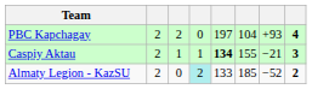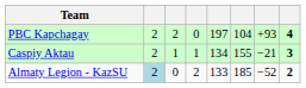 <table class="wikitable" style="text-align:center;">
 <tr>
 <th width=175>Team</th>
 <th width=20></th>
 <th width=20></th>
 <th width=20></th>
 <th width=20></th>
 <th width=20></th>
 <th width=20></th>
 <th width=20></th>
 </tr>
 <tr bgcolor=ccffcc>
 <td align="left"><a href='#'>PBC Kapchagay</a></td>
 <td>2</td>
 <td>2</td>
 <td>0</td>
 <td>197</td>
 <td>104</td>
 <td>+93</td>
 <td><strong>4</strong></td>
 </tr>
 <tr bgcolor=ccffcc>
 <td align="left"><a href='#'>Caspiy Aktau</a></td>
 <td>2</td>
 <td>1</td>
 <td>1</td>
-<td><strong>134</strong></td>
+<td>134</td>
 <td>155</td>
 <td>−21</td>
 <td><strong>3</strong></td>
 </tr>
 <tr>
 <td align="left"><a href='#'>Almaty Legion - KazSU</a></td>
+<td style="background: lightblue;">2</td>
+<td>0</td>
 <td>2</td>
-<td>0</td>
-<td style="background: paleturquoise;">2</td>
 <td>133</td>
 <td>185</td>
 <td>−52</td>
 <td><strong>2</strong></td>
 </tr>
 </table>
